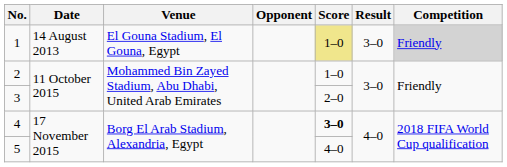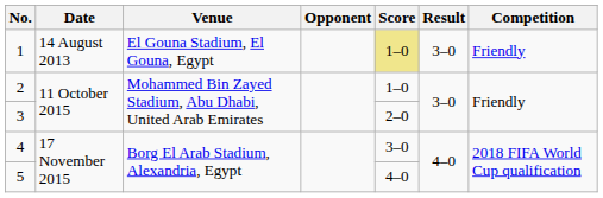 <table class="wikitable sortable">
 <tr>
 <th scope="col">No.</th>
 <th scope="col">Date</th>
 <th scope="col">Venue</th>
 <th scope="col">Opponent</th>
 <th scope="col">Score</th>
 <th scope="col">Result</th>
 <th scope="col">Competition</th>
 </tr>
 <tr>
 <td align="center">1</td>
 <td>14 August 2013</td>
 <td><a href='#'>El Gouna Stadium</a>, <a href='#'>El Gouna</a>, Egypt</td>
 <td></td>
 <td align="center" style="background: khaki;">1–0</td>
 <td align="center">3–0</td>
-<td style="background: lightgrey;"><a href='#'>Friendly</a></td>
+<td><a href='#'>Friendly</a></td>
 </tr>
 <tr>
 <td align="center">2</td>
 <td rowspan="2">11 October 2015</td>
 <td rowspan="2"><a href='#'>Mohammed Bin Zayed Stadium</a>, <a href='#'>Abu Dhabi</a>, United Arab Emirates</td>
 <td rowspan="2"></td>
 <td align="center">1–0</td>
 <td rowspan="2" align="center">3–0</td>
 <td rowspan="2">Friendly</td>
 </tr>
 <tr>
 <td align="center">3</td>
 <td align="center">2–0</td>
 </tr>
 <tr>
 <td align="center">4</td>
 <td rowspan="2">17 November 2015</td>
 <td rowspan="2"><a href='#'>Borg El Arab Stadium</a>, <a href='#'>Alexandria</a>, Egypt</td>
 <td rowspan="2"></td>
-<td align="center"><strong>3–0</strong></td>
+<td align="center">3–0</td>
 <td rowspan="2" style="text-align:center;">4–0</td>
 <td rowspan="2"><a href='#'>2018 FIFA World Cup qualification</a></td>
 </tr>
 <tr>
 <td align="center">5</td>
 <td align="center">4–0</td>
 </tr>
 </table>
